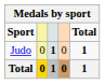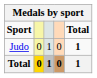 <table class="wikitable" style=font-size:85%;float:center;text-align:center>
 <tr style="background:#efefef;">
 <th colspan=5><strong>Medals by sport</strong></th>
 </tr>
 <tr align=center>
 <td><strong>Sport</strong></td>
 <td bgcolor=#f7f6a8></td>
 <td bgcolor=#dce5e5></td>
 <td bgcolor=#ffdab9></td>
 <td><strong>Total</strong></td>
 </tr>
 <tr align=center>
 <td><a href='#'>Judo</a></td>
 <td style="background:#F7F6A8;">0</td>
-<td style="background:#DCE5E5;"><strong>1</strong></td>
+<td style="background:#DCE5E5;">1</td>
 <td style="background:#FFDAB9;">0</td>
 <td><strong>1</strong></td>
 </tr>
 <tr align=center>
 <th><strong>Total</strong></th>
 <th style="background:gold;"><strong>0</strong></th>
 <th style="background:silver;"><strong>1</strong></th>
 <th style="background:#c96;"><strong>0</strong></th>
 <th><strong>1</strong></th>
 </tr>
 </table>
